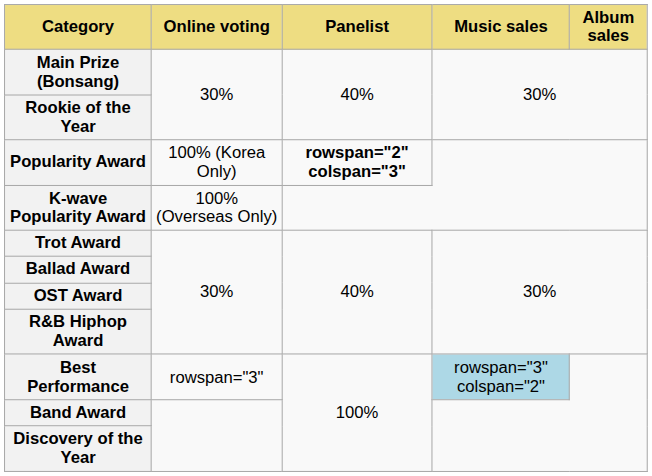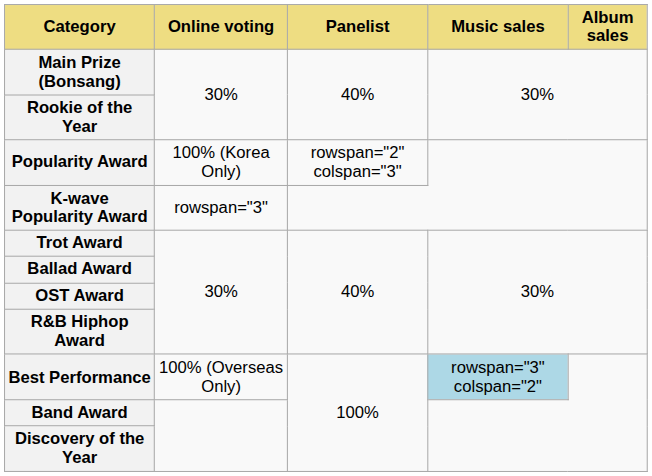 <table class="wikitable" style="text-align:center; width:70%">
 <tr>
 <th scope="col" style="background:#EEDD82">Category</th>
 <th scope="col" style="background:#EEDD82">Online voting</th>
 <th scope="col" style="background:#EEDD82">Panelist</th>
 <th scope="col" style="background:#EEDD82">Music sales</th>
 <th scope="col" style="background:#EEDD82">Album sales</th>
 </tr>
 <tr>
 <th scope="col">Main Prize (Bonsang)</th>
 <td rowspan="2">30%</td>
 <td rowspan="2">40%</td>
 <td rowspan="2" colspan="2">30%</td>
 </tr>
 <tr>
 <th scope="col">Rookie of the Year</th>
 </tr>
 <tr>
 <th scope="col">Popularity Award</th>
 <td>100% (Korea Only)</td>
-<td><strong>rowspan="2" colspan="3" </strong></td>
+<td>rowspan="2" colspan="3" </td>
 </tr>
 <tr>
 <th scope="col">K-wave Popularity Award</th>
-<td>100% (Overseas Only)</td>
+<td>rowspan="3" </td>
 </tr>
 <tr>
 <th scope="col">Trot Award</th>
 <td rowspan="4">30%</td>
 <td rowspan="4">40%</td>
 <td rowspan="4" colspan="2">30%</td>
 </tr>
 <tr>
 <th scope="col">Ballad Award</th>
 </tr>
 <tr>
 <th scope="col">OST Award</th>
 </tr>
 <tr>
 <th scope="col">R&B Hiphop Award</th>
 </tr>
 <tr>
 <th scope="col">Best Performance</th>
-<td>rowspan="3" </td>
+<td>100% (Overseas Only)</td>
 <td rowspan="3">100%</td>
 <td style="background: lightblue;">rowspan="3" colspan="2" </td>
 </tr>
 <tr>
 <th scope="col">Band Award</th>
 </tr>
 <tr>
 <th scope="col">Discovery of the Year</th>
 </tr>
 <tr>
 </tr>
 </table>
